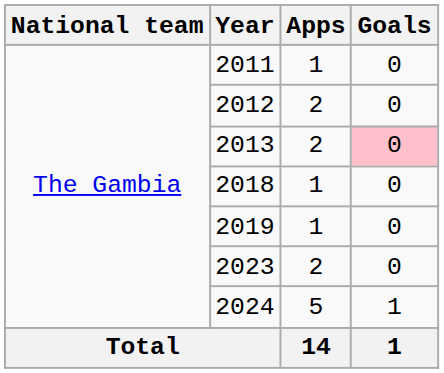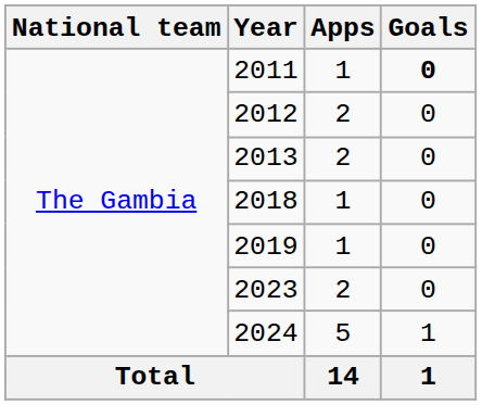 <table class="wikitable" style="text-align:center">
 <tr>
 <th>National team</th>
 <th>Year</th>
 <th>Apps</th>
 <th>Goals</th>
 </tr>
 <tr>
 <td rowspan="7"><a href='#'>The Gambia</a></td>
 <td>2011</td>
 <td>1</td>
-<td>0</td>
+<td><strong>0</strong></td>
 </tr>
 <tr>
 <td>2012</td>
 <td>2</td>
 <td>0</td>
 </tr>
 <tr>
 <td>2013</td>
 <td>2</td>
-<td style="background: pink;">0</td>
+<td>0</td>
 </tr>
 <tr>
 <td>2018</td>
 <td>1</td>
 <td>0</td>
 </tr>
 <tr>
 <td>2019</td>
 <td>1</td>
 <td>0</td>
 </tr>
 <tr>
 <td>2023</td>
 <td>2</td>
 <td>0</td>
 </tr>
 <tr>
 <td>2024</td>
 <td>5</td>
 <td>1</td>
 </tr>
 <tr>
 <th colspan="2">Total</th>
 <th>14</th>
 <th>1</th>
 </tr>
 </table>
